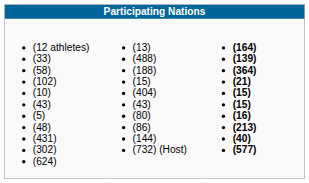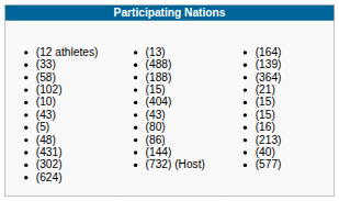 <table cellpadding="2" cellspacing="0" style="background: #f9f9f9; border: 1px #aaa solid; border-collapse: collapse; font-size: 95%;" width=72%>
 <tr bgcolor=#006699 style="color:white;">
 <th colspan=4 align=center>Participating Nations</th>
 </tr>
 <tr bgcolor=#EBF5FF>
 </tr>
 <tr valign=top>
 <td width=33%><br><ul><li> (12 athletes)</li><li> (33)</li><li> (58)</li><li> (102)</li><li> (10)</li><li> (43)</li><li> (5)</li><li> (48)</li><li> (431)</li><li> (302)</li><li> (624)</li></ul></td>
 <td width=33%><br><ul><li> (13)</li><li> (488)</li><li> (188)</li><li> (15)</li><li> (404)</li><li> (43)</li><li> (80)</li><li> (86)</li><li> (144)</li><li> (732) (Host)</li></ul></td>
-<td width=33%><strong><br><ul><li> (164)</li><li> (139)</li><li> (364)</li><li> (21)</li><li> (15)</li><li> (15)</li><li> (16)</li><li> (213)</li><li> (40)</li><li> (577)</li></ul></strong></td>
+<td width=33%><br><ul><li> (164)</li><li> (139)</li><li> (364)</li><li> (21)</li><li> (15)</li><li> (15)</li><li> (16)</li><li> (213)</li><li> (40)</li><li> (577)</li></ul></td>
 </tr>
 </table>
